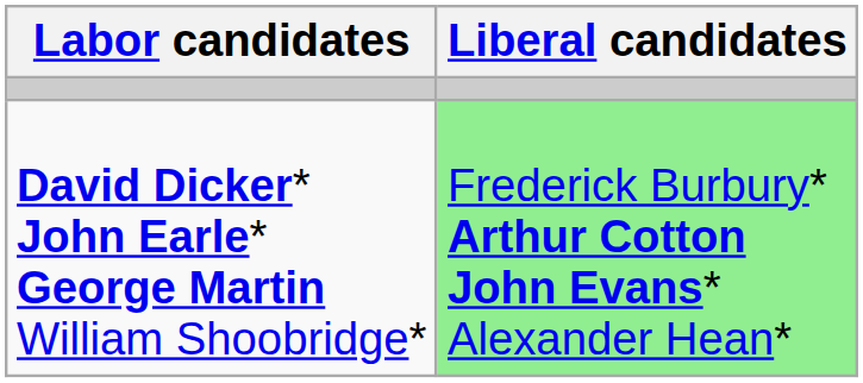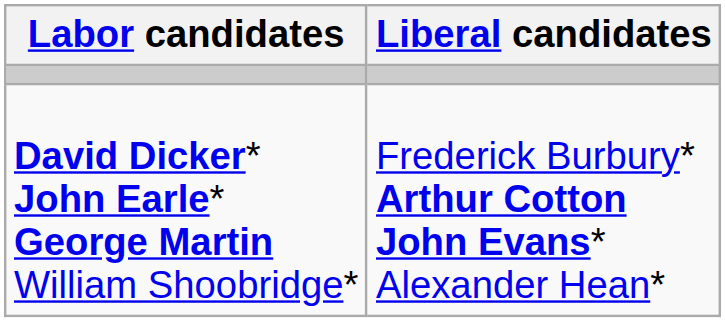 <table class="wikitable">
 <tr>
 <th><a href='#'>Labor</a> candidates</th>
 <th><a href='#'>Liberal</a> candidates</th>
 </tr>
 <tr bgcolor="#cccccc">
 <td></td>
 <td></td>
 </tr>
 <tr>
 <td><br><strong><a href='#'>David Dicker</a></strong>*<br> <strong><a href='#'>John Earle</a></strong>*<br> <strong><a href='#'>George Martin</a></strong><br> <a href='#'>William Shoobridge</a>*</td>
-<td style="background: lightgreen;"><br><a href='#'>Frederick Burbury</a>*<br> <strong><a href='#'>Arthur Cotton</a></strong><br> <strong><a href='#'>John Evans</a></strong>*<br> <a href='#'>Alexander Hean</a>*</td>
+<td><br><a href='#'>Frederick Burbury</a>*<br> <strong><a href='#'>Arthur Cotton</a></strong><br> <strong><a href='#'>John Evans</a></strong>*<br> <a href='#'>Alexander Hean</a>*</td>
 </tr>
 </table>
